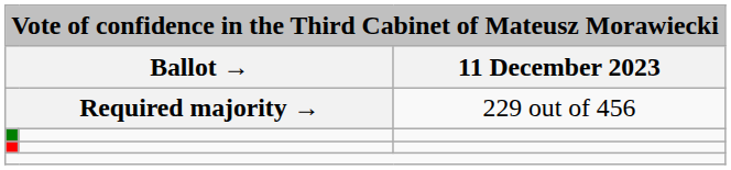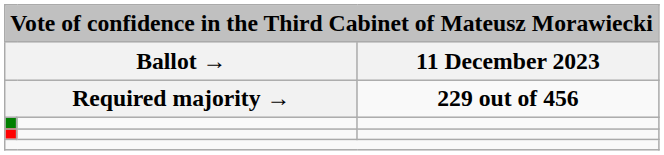 <table class="wikitable" style="text-align:center;">
 <tr>
 <td colspan="3" align="center" bgcolor="#C0C0C0"><strong>Vote of confidence in the Third Cabinet of Mateusz Morawiecki</strong></td>
 </tr>
 <tr>
 <th colspan="2" style="width:150px;">Ballot →</th>
 <th>11 December 2023</th>
 </tr>
 <tr>
 <th colspan="2">Required majority →</th>
-<td>229 out of 456 </td>
+<td><strong>229 out of 456 </strong></td>
 </tr>
 <tr>
 <th style="background:green;"></th>
 <td style="text-align:left;"></td>
 <td></td>
 </tr>
 <tr>
 <th style="width:1px; background:red;"></th>
 <td style="text-align:left;"></td>
 <td></td>
 </tr>
 <tr>
 <td style="text-align:left;" colspan=3></td>
 </tr>
 </table>
